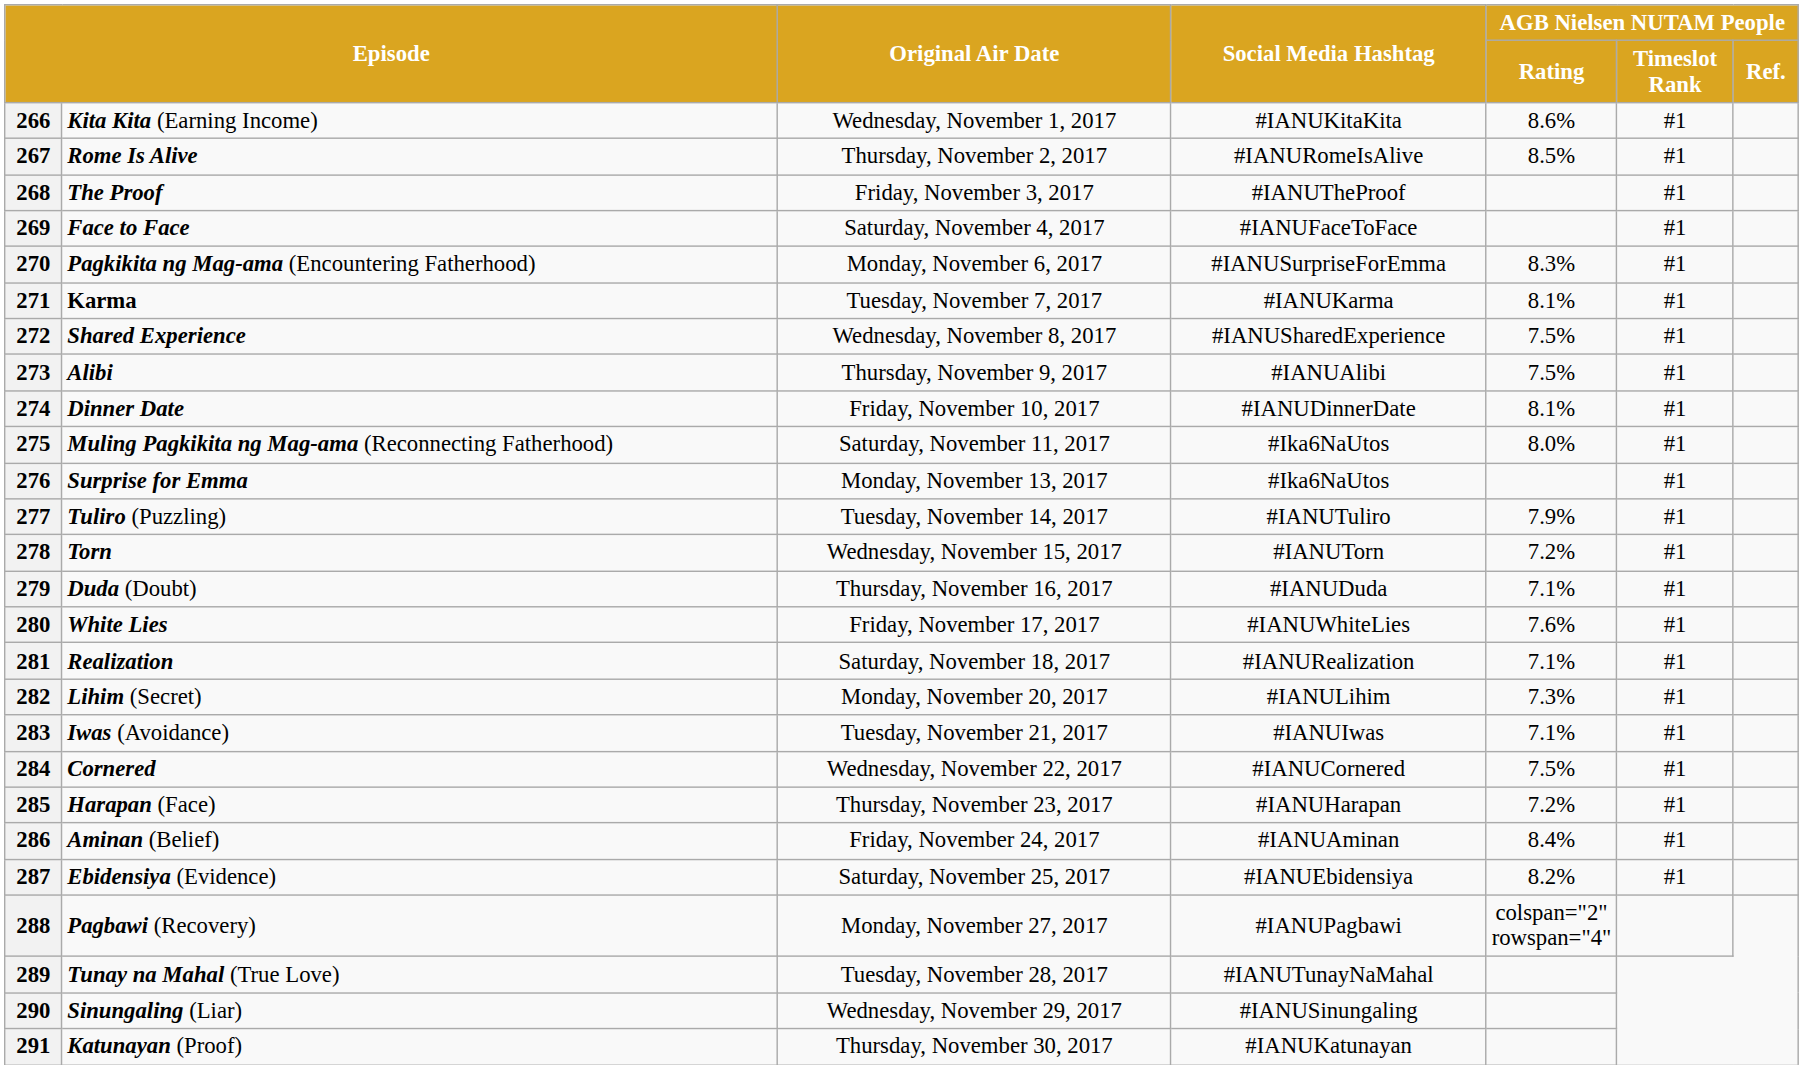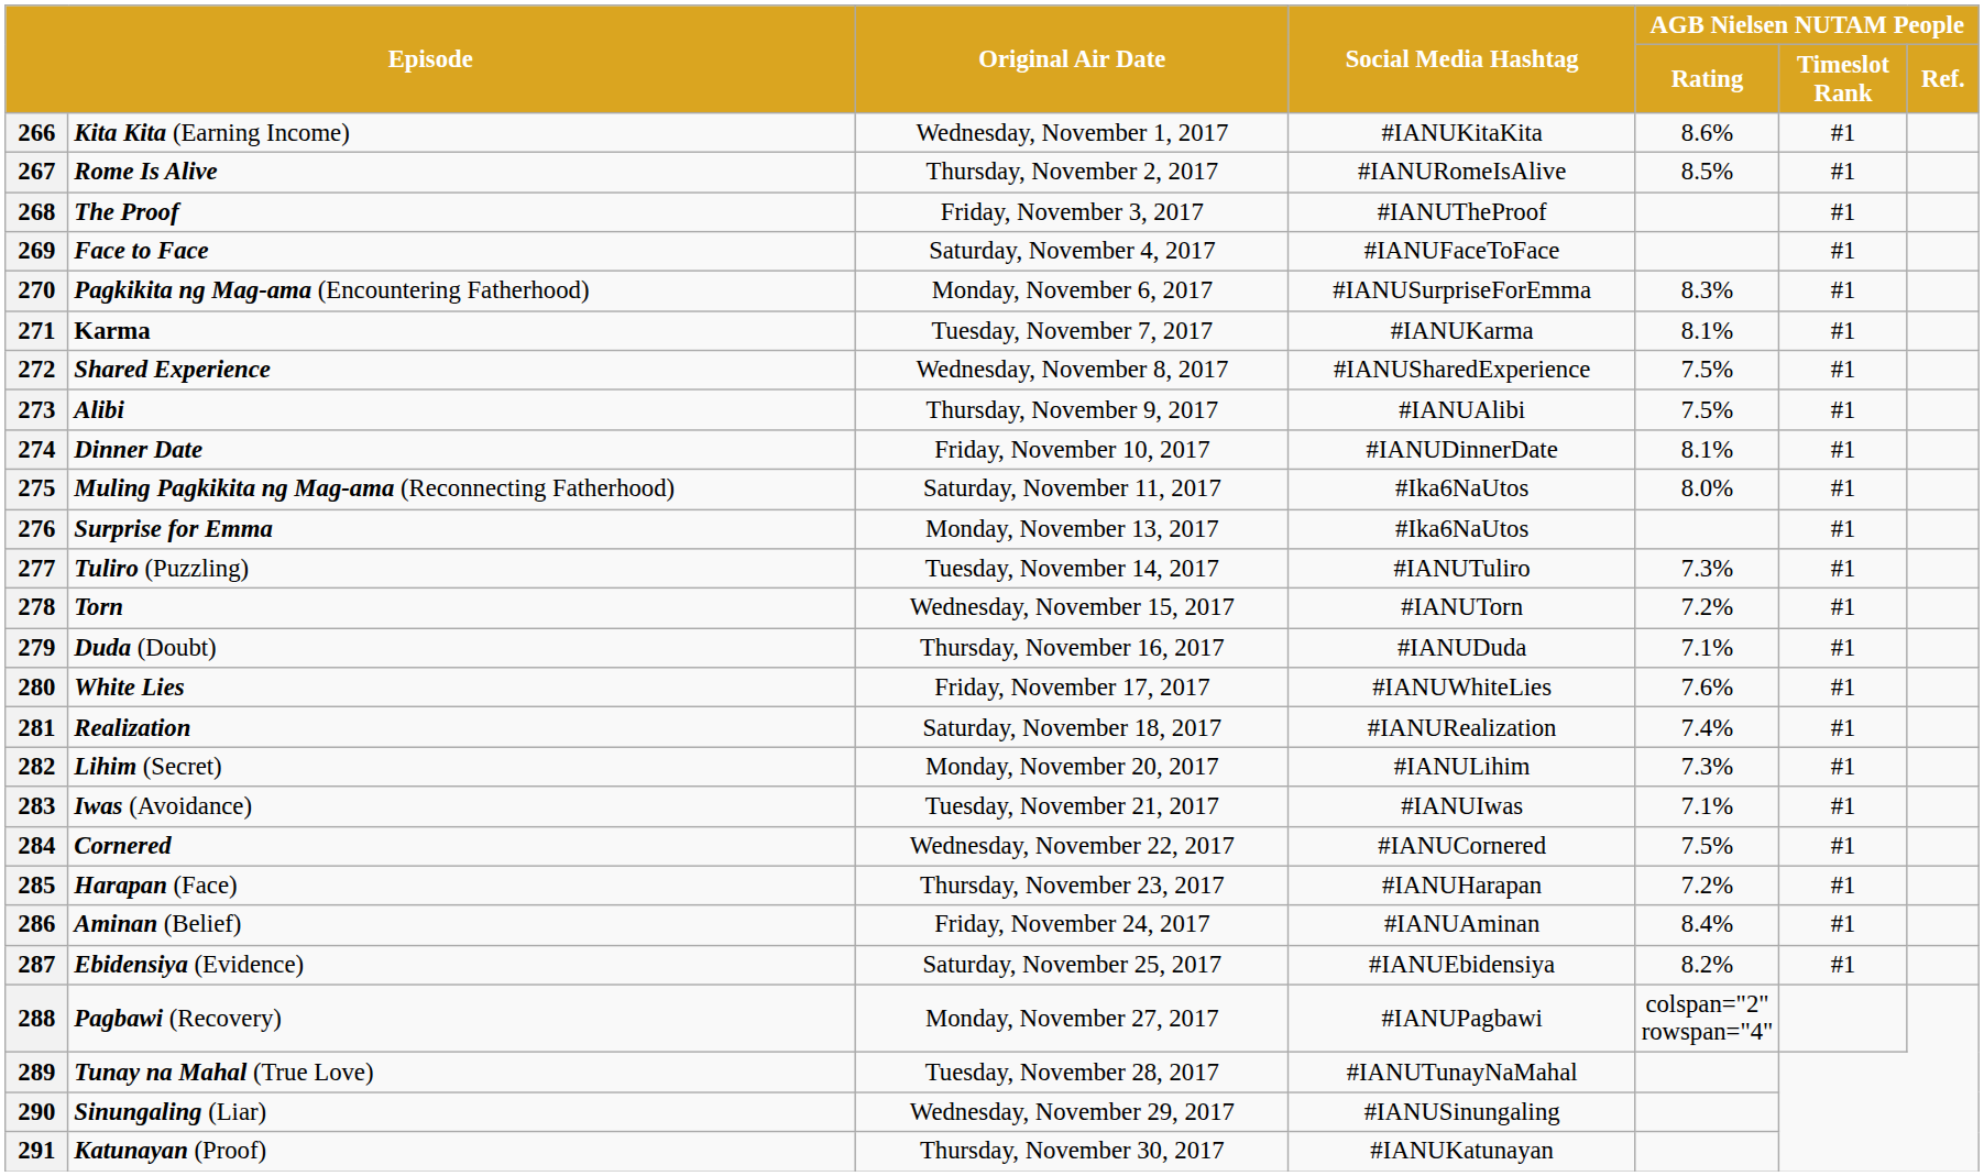 <table class="wikitable" style="text-align:center; font-size:100%; line-height:18px;"  width="100%">
 <tr>
 <th colspan="2" rowspan="2" style="background-color:#DAA520; color:#ffffff;">Episode</th>
 <th style="background:#DAA520; color:white" rowspan="2">Original Air Date</th>
 <th style="background:#DAA520; color:white" rowspan="2">Social Media Hashtag</th>
 <th style="background-color:#DAA520; color:#ffffff;" colspan="3">AGB Nielsen NUTAM People</th>
 </tr>
 <tr>
 <th style="background-color:#DAA520; width:75px; color:#ffffff;">Rating</th>
 <th style="background-color:#DAA520; width:75px; color:#ffffff;">Timeslot<br>Rank</th>
 <th style="background-color:#DAA520; color:#ffffff;">Ref.</th>
 </tr>
 <tr>
 <th>266</th>
 <td style="text-align: left;"><strong><em>Kita Kita</em></strong> (Earning Income)</td>
 <td>Wednesday, November 1, 2017</td>
 <td>#IANUKitaKita</td>
 <td>8.6%</td>
 <td>#1</td>
 <td></td>
 </tr>
 <tr>
 <th>267</th>
 <td style="text-align: left;"><strong><em>Rome Is Alive</em></strong></td>
 <td>Thursday, November 2, 2017</td>
 <td>#IANURomeIsAlive</td>
 <td>8.5%</td>
 <td>#1</td>
 <td></td>
 </tr>
 <tr>
 <th>268</th>
 <td style="text-align: left;"><strong><em>The Proof</em></strong></td>
 <td>Friday, November 3, 2017</td>
 <td>#IANUTheProof</td>
 <td></td>
 <td>#1</td>
 <td></td>
 </tr>
 <tr>
 <th>269</th>
 <td style="text-align: left;"><strong><em>Face to Face</em></strong></td>
 <td>Saturday, November 4, 2017</td>
 <td>#IANUFaceToFace</td>
 <td></td>
 <td>#1</td>
 <td></td>
 </tr>
 <tr>
 <th>270</th>
 <td style="text-align: left;"><strong><em>Pagkikita ng Mag-ama</em></strong> (Encountering Fatherhood)</td>
 <td>Monday, November 6, 2017</td>
 <td>#IANUSurpriseForEmma</td>
 <td>8.3%</td>
 <td>#1</td>
 <td></td>
 </tr>
 <tr>
 <th>271</th>
 <td style="text-align: left;"><strong>Karma</strong></td>
 <td>Tuesday, November 7, 2017</td>
 <td>#IANUKarma</td>
 <td>8.1%</td>
 <td>#1</td>
 <td></td>
 </tr>
 <tr>
 <th>272</th>
 <td style="text-align: left;"><strong><em>Shared Experience</em></strong></td>
 <td>Wednesday, November 8, 2017</td>
 <td>#IANUSharedExperience</td>
 <td>7.5%</td>
 <td>#1</td>
 <td></td>
 </tr>
 <tr>
 <th>273</th>
 <td style="text-align: left;"><strong><em>Alibi</em></strong></td>
 <td>Thursday, November 9, 2017</td>
 <td>#IANUAlibi</td>
 <td>7.5%</td>
 <td>#1</td>
 <td></td>
 </tr>
 <tr>
 <th>274</th>
 <td style="text-align: left;"><strong><em>Dinner Date</em></strong></td>
 <td>Friday, November 10, 2017</td>
 <td>#IANUDinnerDate</td>
 <td>8.1%</td>
 <td>#1</td>
 <td></td>
 </tr>
 <tr>
 <th>275</th>
 <td style="text-align: left;"><strong><em>Muling Pagkikita ng Mag-ama</em></strong> (Reconnecting Fatherhood)</td>
 <td>Saturday, November 11, 2017</td>
 <td>#Ika6NaUtos</td>
 <td>8.0%</td>
 <td>#1</td>
 <td></td>
 </tr>
 <tr>
 <th>276</th>
 <td style="text-align: left;"><strong><em>Surprise for Emma</em></strong></td>
 <td>Monday, November 13, 2017</td>
 <td>#Ika6NaUtos</td>
 <td></td>
 <td>#1</td>
 <td></td>
 </tr>
 <tr>
 <th>277</th>
 <td style="text-align: left;"><strong><em>Tuliro</em></strong> (Puzzling)</td>
 <td>Tuesday, November 14, 2017</td>
 <td>#IANUTuliro</td>
-<td>7.9%</td>
+<td>7.3%</td>
 <td>#1</td>
 <td></td>
 </tr>
 <tr>
 <th>278</th>
 <td style="text-align: left;"><strong><em>Torn</em></strong></td>
 <td>Wednesday, November 15, 2017</td>
 <td>#IANUTorn</td>
 <td>7.2%</td>
 <td>#1</td>
 <td></td>
 </tr>
 <tr>
 <th>279</th>
 <td style="text-align: left;"><strong><em>Duda</em></strong> (Doubt)</td>
 <td>Thursday, November 16, 2017</td>
 <td>#IANUDuda</td>
 <td>7.1%</td>
 <td>#1</td>
 <td></td>
 </tr>
 <tr>
 <th>280</th>
 <td style="text-align: left;"><strong><em>White Lies</em></strong></td>
 <td>Friday, November 17, 2017</td>
 <td>#IANUWhiteLies</td>
 <td>7.6%</td>
 <td>#1</td>
 <td></td>
 </tr>
 <tr>
 <th>281</th>
 <td style="text-align: left;"><strong><em>Realization</em></strong></td>
 <td>Saturday, November 18, 2017</td>
 <td>#IANURealization</td>
-<td>7.1%</td>
+<td>7.4%</td>
 <td>#1</td>
 <td></td>
 </tr>
 <tr>
 <th>282</th>
 <td style="text-align: left;"><strong><em>Lihim</em></strong> (Secret)</td>
 <td>Monday, November 20, 2017</td>
 <td>#IANULihim</td>
 <td>7.3%</td>
 <td>#1</td>
 <td></td>
 </tr>
 <tr>
 <th>283</th>
 <td style="text-align: left;"><strong><em>Iwas</em></strong> (Avoidance)</td>
 <td>Tuesday, November 21, 2017</td>
 <td>#IANUIwas</td>
 <td>7.1%</td>
 <td>#1</td>
 <td></td>
 </tr>
 <tr>
 <th>284</th>
 <td style="text-align: left;"><strong><em>Cornered</em></strong></td>
 <td>Wednesday, November 22, 2017</td>
 <td>#IANUCornered</td>
 <td>7.5%</td>
 <td>#1</td>
 <td></td>
 </tr>
 <tr>
 <th>285</th>
 <td style="text-align: left;"><strong><em>Harapan</em></strong> (Face)</td>
 <td>Thursday, November 23, 2017</td>
 <td>#IANUHarapan</td>
 <td>7.2%</td>
 <td>#1</td>
 <td></td>
 </tr>
 <tr>
 <th>286</th>
 <td style="text-align: left;"><strong><em>Aminan</em></strong> (Belief)</td>
 <td>Friday, November 24, 2017</td>
 <td>#IANUAminan</td>
 <td>8.4%</td>
 <td>#1</td>
 <td></td>
 </tr>
 <tr>
 <th>287</th>
 <td style="text-align: left;"><strong><em>Ebidensiya</em></strong> (Evidence)</td>
 <td>Saturday, November 25, 2017</td>
 <td>#IANUEbidensiya</td>
 <td>8.2%</td>
 <td>#1</td>
 <td></td>
 </tr>
 <tr>
 <th>288</th>
 <td style="text-align: left;"><strong><em>Pagbawi</em></strong> (Recovery)</td>
 <td>Monday, November 27, 2017</td>
 <td>#IANUPagbawi</td>
 <td>colspan="2" rowspan="4" </td>
 <td></td>
 </tr>
 <tr>
 <th>289</th>
 <td style="text-align: left;"><strong><em>Tunay na Mahal</em></strong> (True Love)</td>
 <td>Tuesday, November 28, 2017</td>
 <td>#IANUTunayNaMahal</td>
 <td></td>
 </tr>
 <tr>
 <th>290</th>
 <td style="text-align: left;"><strong><em>Sinungaling</em></strong> (Liar)</td>
 <td>Wednesday, November 29, 2017</td>
 <td>#IANUSinungaling</td>
 <td></td>
 </tr>
 <tr>
 <th>291</th>
 <td style="text-align: left;"><strong><em>Katunayan</em></strong> (Proof)</td>
 <td>Thursday, November 30, 2017</td>
 <td>#IANUKatunayan</td>
 <td></td>
 </tr>
 <tr>
 </tr>
 </table>
